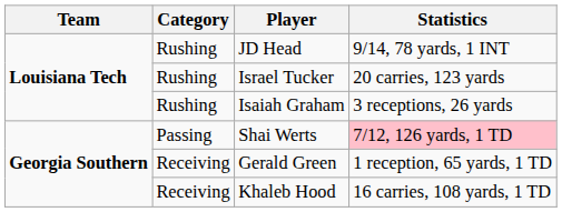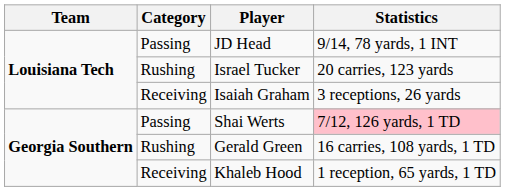 <table class="wikitable" style="float: left;">
 <tr>
 <th>Team</th>
 <th>Category</th>
 <th>Player</th>
 <th>Statistics</th>
 </tr>
 <tr>
 <td rowspan=3><strong>Louisiana Tech</strong></td>
-<td>Rushing</td>
+<td>Passing</td>
 <td>JD Head</td>
 <td>9/14, 78 yards, 1 INT</td>
 </tr>
 <tr>
 <td>Rushing</td>
 <td>Israel Tucker</td>
 <td>20 carries, 123 yards</td>
 </tr>
 <tr>
-<td>Rushing</td>
+<td>Receiving</td>
 <td>Isaiah Graham</td>
 <td>3 receptions, 26 yards</td>
 </tr>
 <tr>
 <td rowspan=3><strong>Georgia Southern</strong></td>
 <td>Passing</td>
 <td>Shai Werts</td>
 <td style="background: pink;">7/12, 126 yards, 1 TD</td>
 </tr>
 <tr>
-<td>Receiving</td>
+<td>Rushing</td>
 <td>Gerald Green</td>
-<td>1 reception, 65 yards, 1 TD</td>
+<td>16 carries, 108 yards, 1 TD</td>
 </tr>
 <tr>
 <td>Receiving</td>
 <td>Khaleb Hood</td>
-<td>16 carries, 108 yards, 1 TD</td>
+<td>1 reception, 65 yards, 1 TD</td>
 </tr>
 </table>
